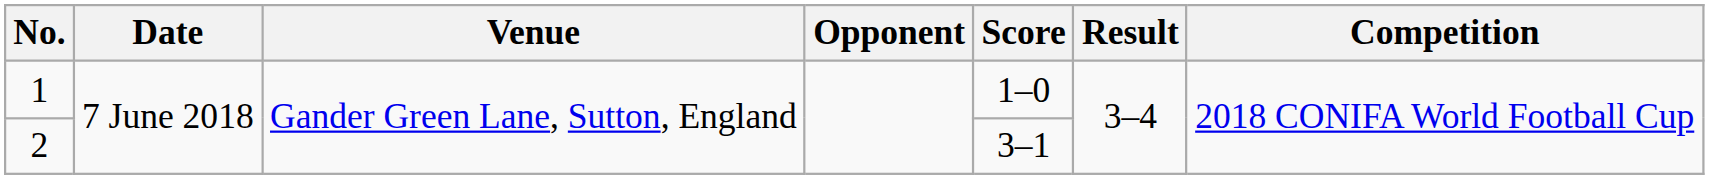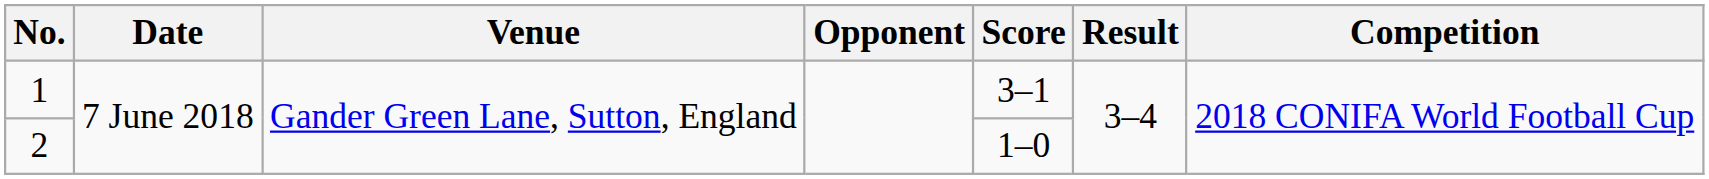 <table class="wikitable sortable">
 <tr>
 <th scope="col">No.</th>
 <th scope="col">Date</th>
 <th scope="col">Venue</th>
 <th scope="col">Opponent</th>
 <th scope="col">Score</th>
 <th scope="col">Result</th>
 <th scope="col">Competition</th>
 </tr>
 <tr>
 <td style="text-align:center">1</td>
 <td rowspan="2">7 June 2018</td>
 <td rowspan="2"><a href='#'>Gander Green Lane</a>, <a href='#'>Sutton</a>, England</td>
 <td rowspan="2"></td>
-<td style="text-align:center">1–0</td>
+<td style="text-align:center">3–1</td>
 <td rowspan="3" style="text-align:center">3–4</td>
 <td rowspan="2"><a href='#'>2018 CONIFA World Football Cup</a></td>
 </tr>
 <tr>
 <td style="text-align:center">2</td>
-<td style="text-align:center">3–1</td>
+<td style="text-align:center">1–0</td>
 </tr>
 </table>
